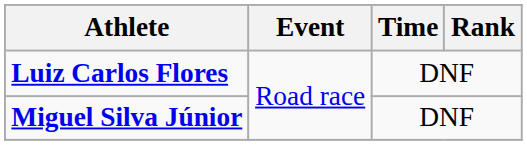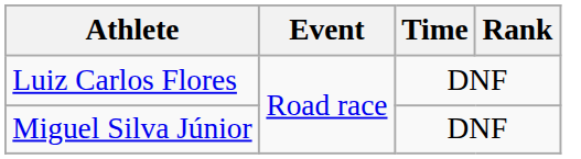 <table class=wikitable style="font-size:90%">
 <tr>
 <th>Athlete</th>
 <th>Event</th>
 <th>Time</th>
 <th>Rank</th>
 </tr>
 <tr align=center>
-<td align=left rowspan=1><strong><a href='#'>Luiz Carlos Flores</a></strong></td>
+<td align=left rowspan=1><a href='#'>Luiz Carlos Flores</a></td>
 <td align=left rowspan=2><a href='#'>Road race</a></td>
 <td align=center colspan=2>DNF</td>
 </tr>
 <tr align=center>
-<td align=left rowspan=1><strong><a href='#'>Miguel Silva Júnior</a></strong></td>
+<td align=left rowspan=1><a href='#'>Miguel Silva Júnior</a></td>
 <td align=center colspan=2>DNF</td>
 </tr>
 </table>
